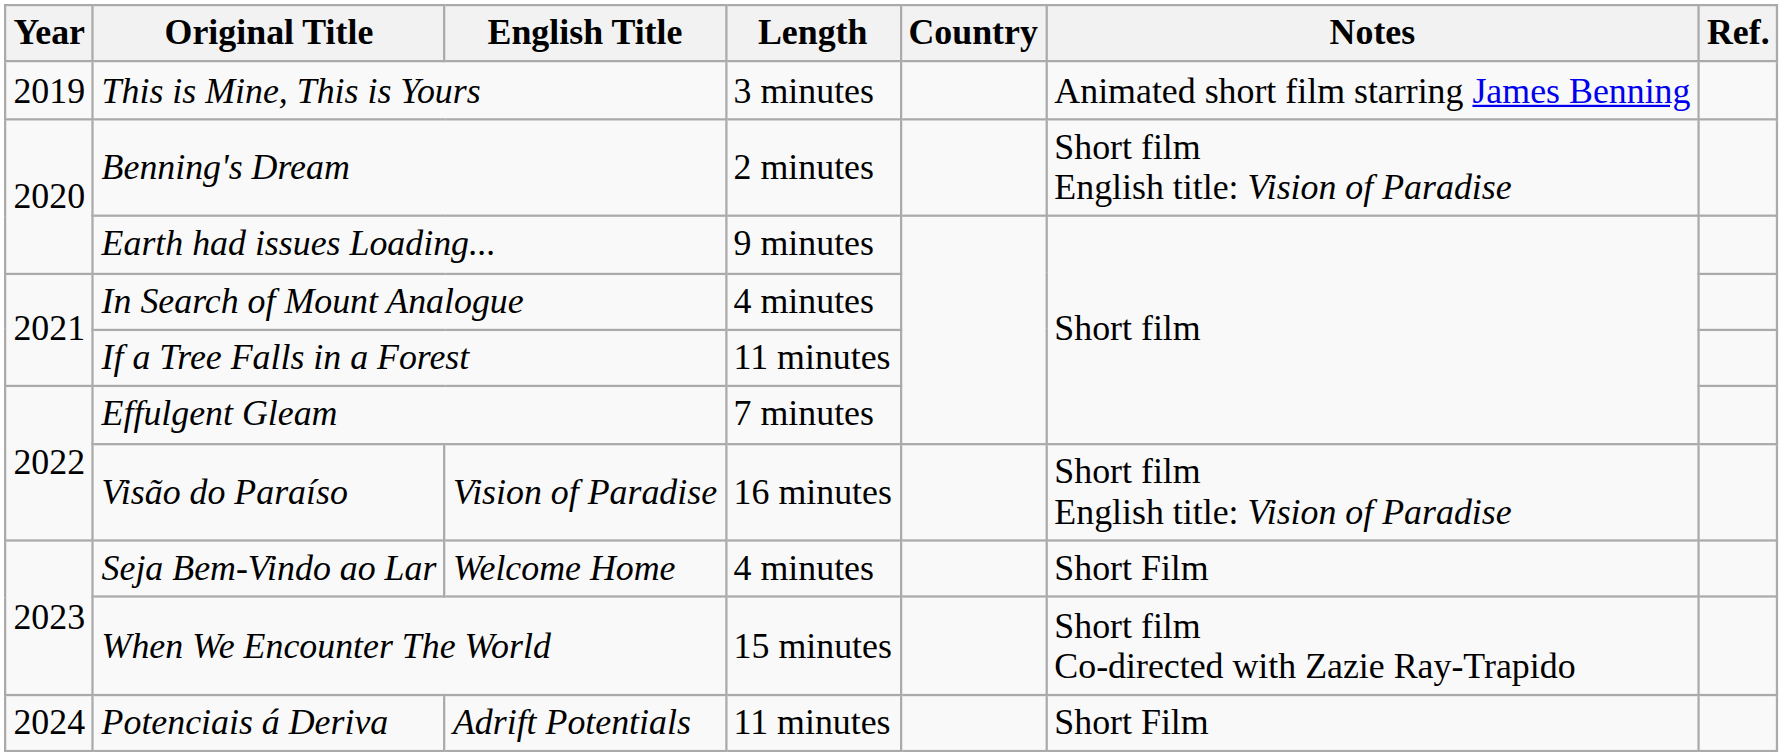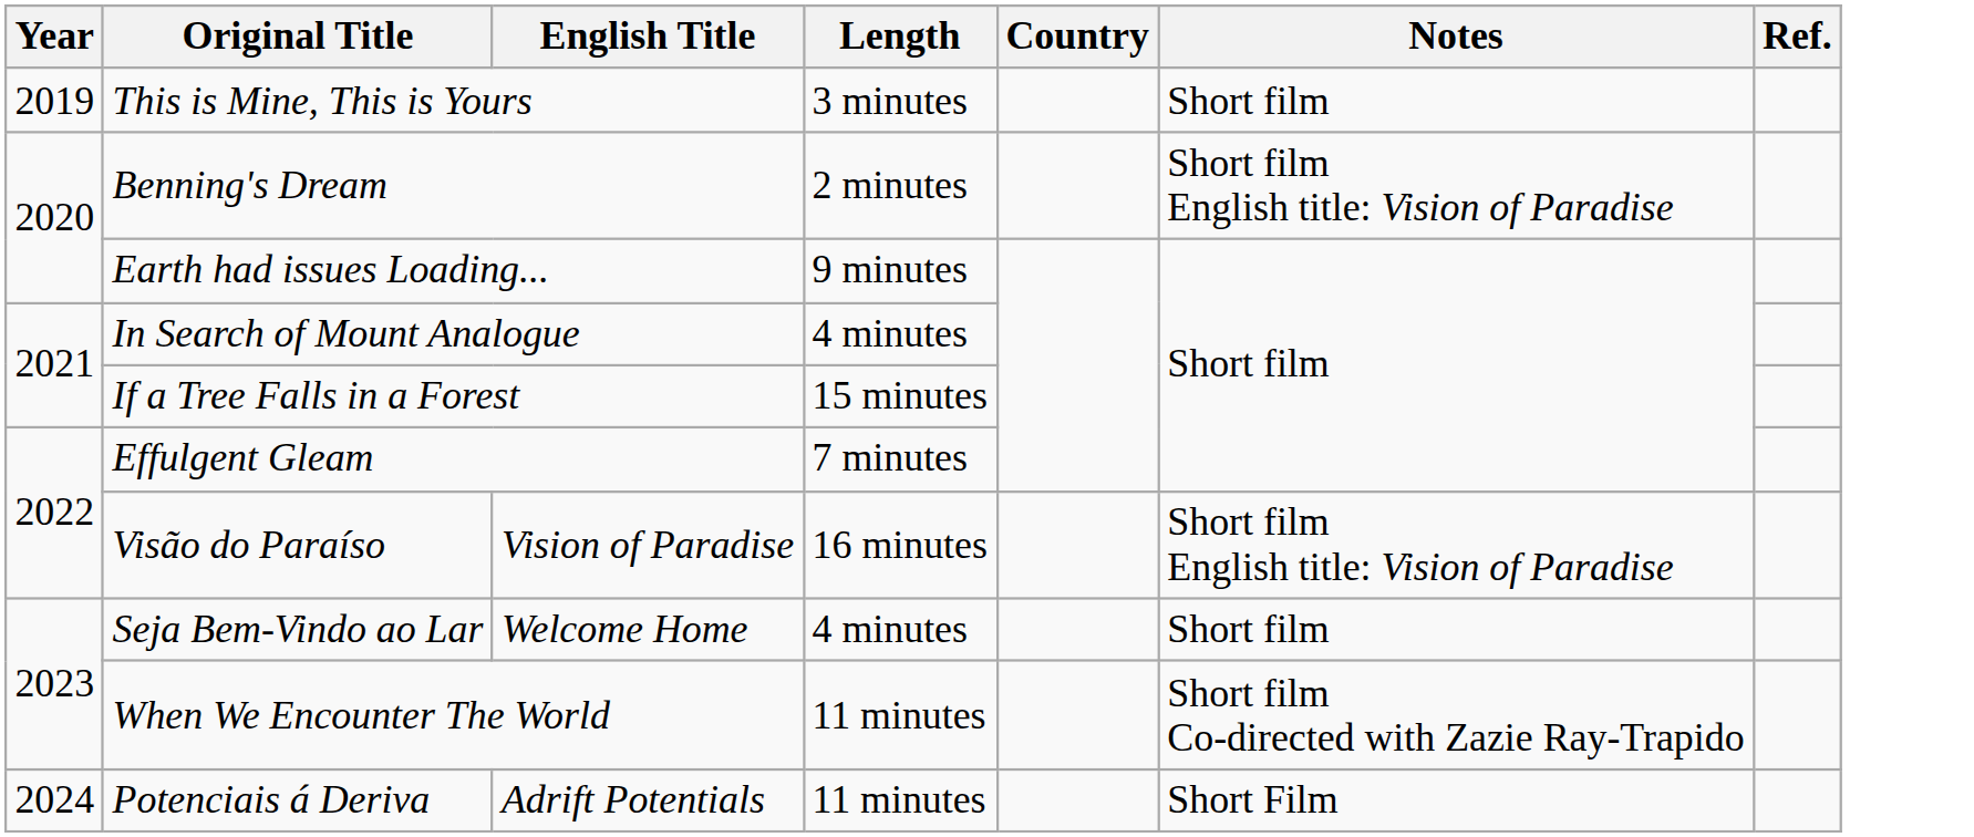 <table class="wikitable sortable">
 <tr>
 <th>Year</th>
 <th>Original Title</th>
 <th>English Title</th>
 <th>Length</th>
 <th>Country</th>
 <th>Notes</th>
 <th>Ref.</th>
 </tr>
 <tr>
 <td>2019</td>
 <td colspan="2"><em>This is Mine, This is Yours</em></td>
 <td>3 minutes</td>
 <td><br></td>
-<td>Animated short film starring <a href='#'>James Benning</a></td>
+<td>Short film</td>
 <td></td>
 </tr>
 <tr>
 <td rowspan="2">2020</td>
 <td colspan="2"><em>Benning's Dream</em></td>
 <td>2 minutes</td>
 <td></td>
 <td>Short film<br>English title: <em>Vision of Paradise</em></td>
 <td></td>
 </tr>
 <tr>
 <td colspan="2"><em>Earth had issues Loading...</em></td>
 <td>9 minutes</td>
 <td rowspan="4"><br></td>
 <td rowspan="4">Short film</td>
 <td></td>
 </tr>
 <tr>
 <td rowspan="2">2021</td>
 <td colspan="2"><em>In Search of Mount Analogue</em></td>
 <td>4 minutes</td>
 <td></td>
 </tr>
 <tr>
 <td colspan="2"><em>If a Tree Falls in a Forest</em></td>
-<td>11 minutes</td>
+<td>15 minutes</td>
 <td></td>
 </tr>
 <tr>
 <td rowspan="2">2022</td>
 <td colspan="2"><em>Effulgent Gleam</em></td>
 <td>7 minutes</td>
 <td></td>
 </tr>
 <tr>
 <td><em>Visão do Paraíso</em></td>
 <td><em>Vision of Paradise</em></td>
 <td>16 minutes</td>
 <td><br> </td>
 <td>Short film<br>English title: <em>Vision of Paradise</em></td>
 <td></td>
 </tr>
 <tr>
 <td rowspan="2">2023</td>
 <td><em>Seja Bem-Vindo ao Lar</em></td>
 <td><em>Welcome Home</em></td>
 <td>4 minutes</td>
 <td></td>
-<td>Short Film</td>
+<td>Short film</td>
 <td></td>
 </tr>
 <tr>
 <td colspan="2"><em>When We Encounter The World</em></td>
-<td>15 minutes</td>
+<td>11 minutes</td>
 <td><br></td>
 <td>Short film<br>Co-directed with Zazie Ray-Trapido</td>
 <td></td>
 </tr>
 <tr>
 <td>2024</td>
 <td><em>Potenciais á Deriva</em></td>
 <td><em>Adrift Potentials</em></td>
 <td>11 minutes</td>
 <td><br></td>
 <td>Short Film</td>
 <td></td>
 </tr>
 </table>
